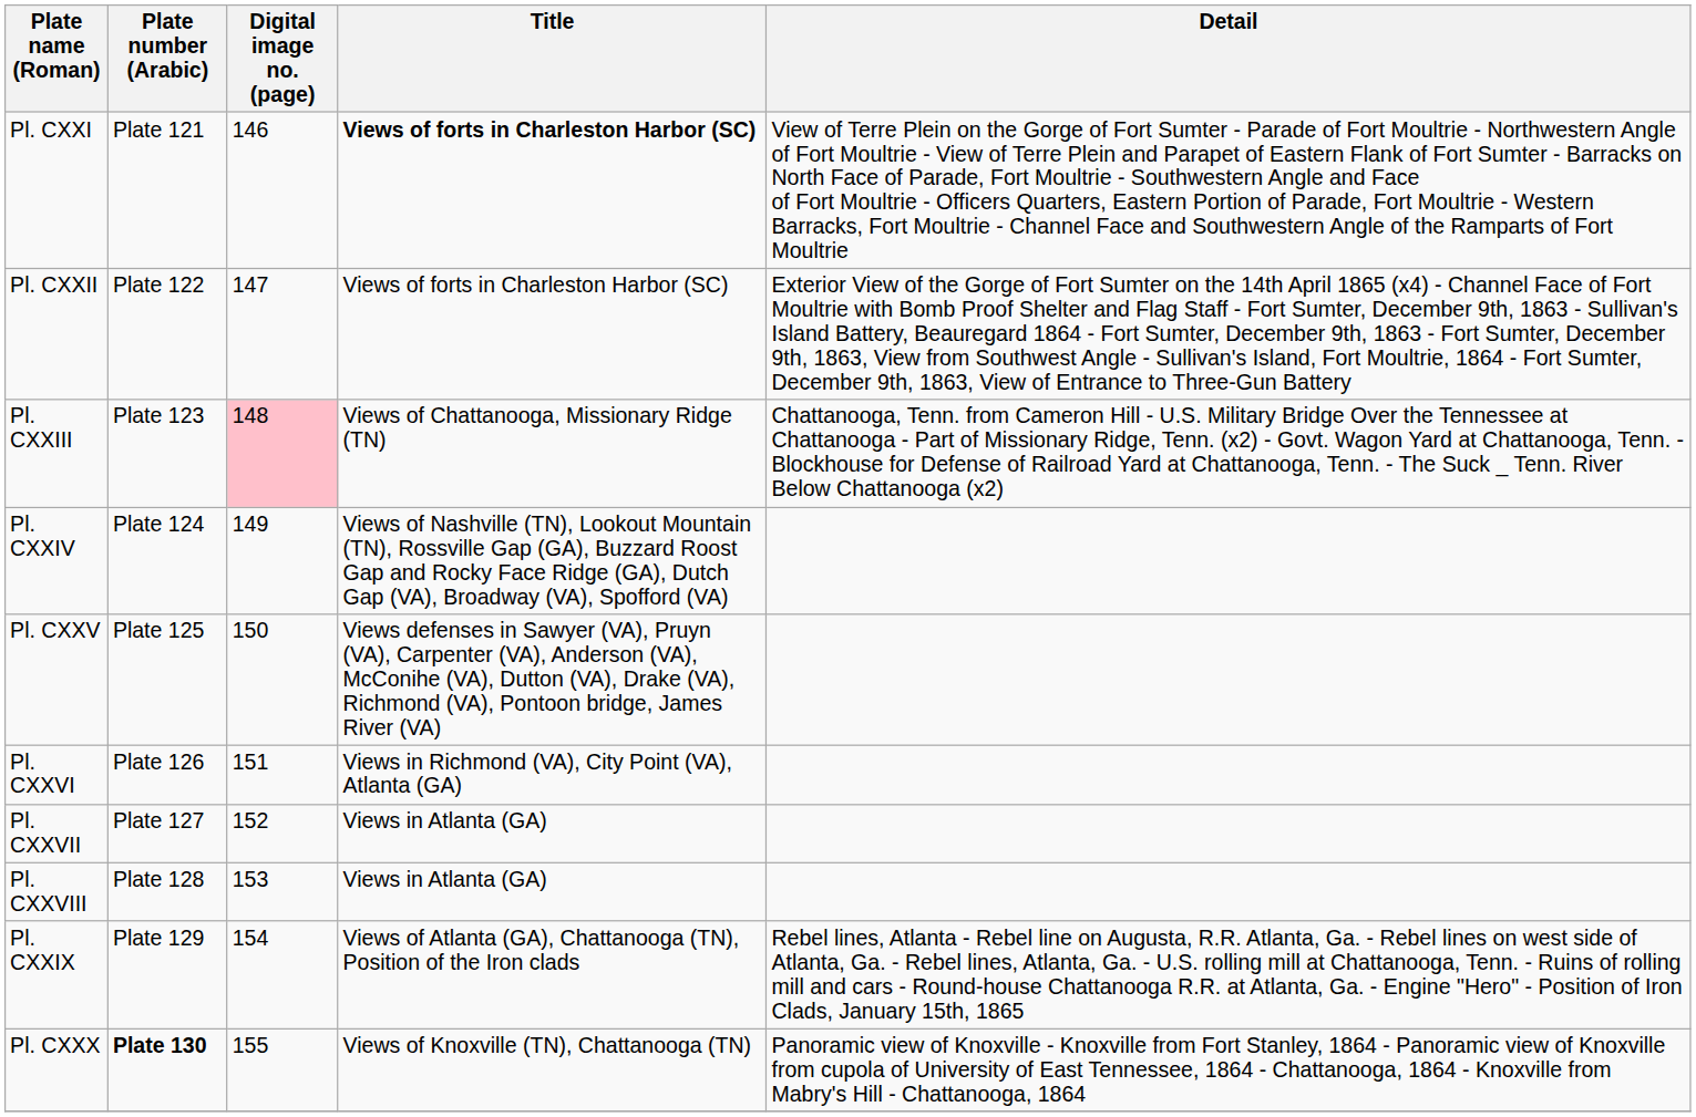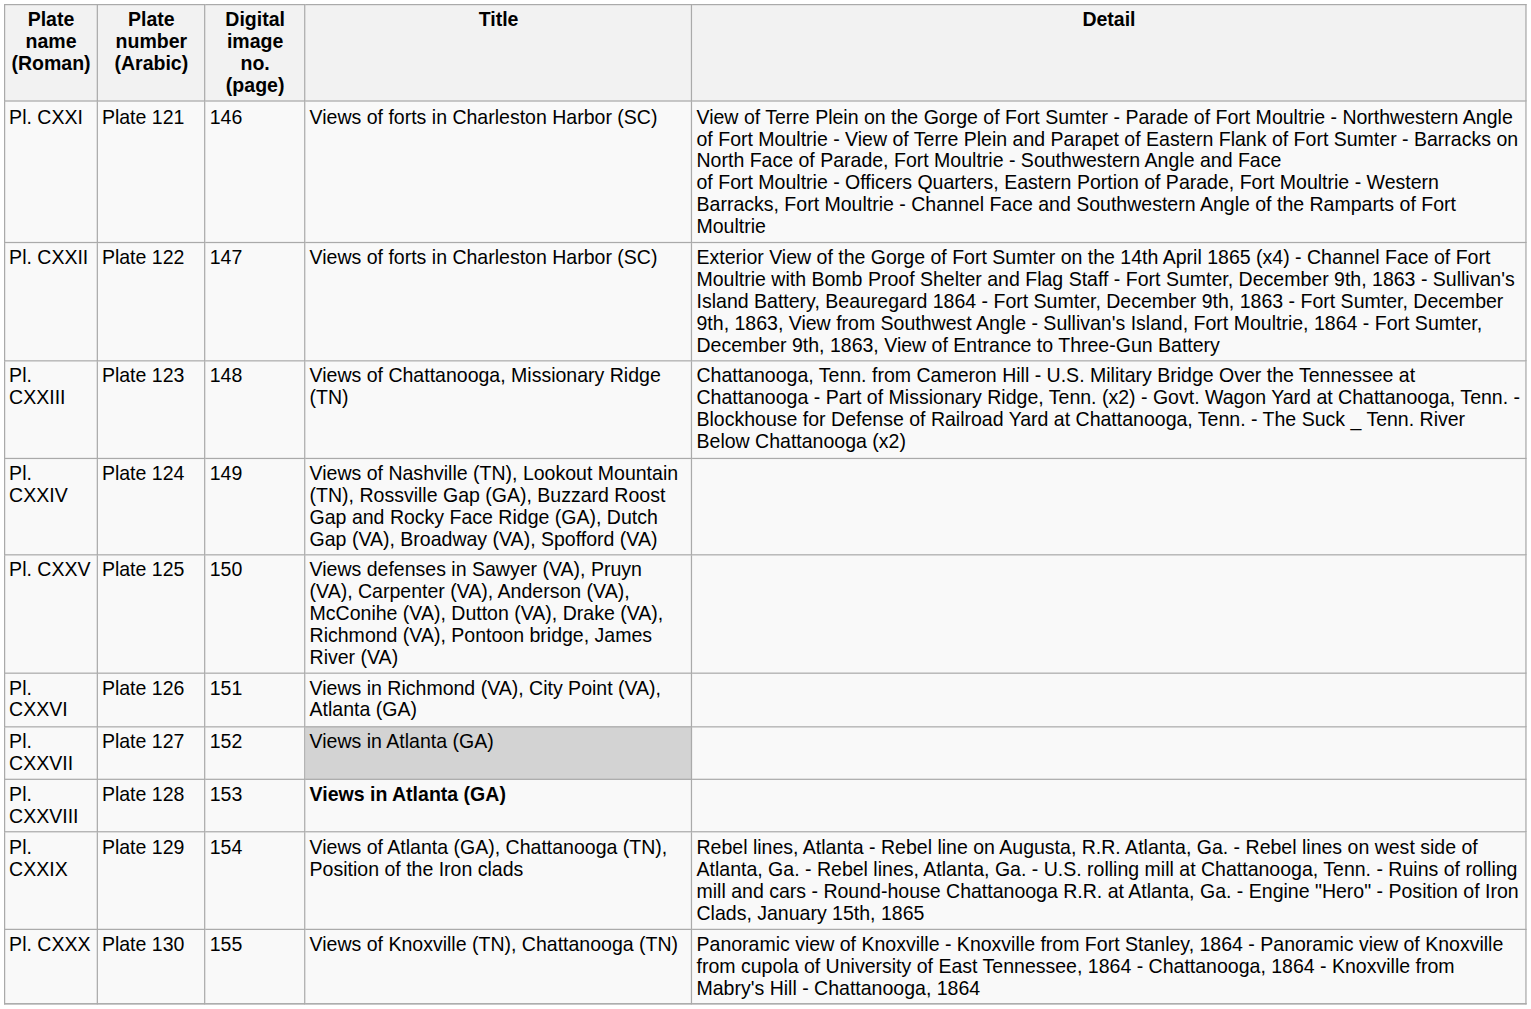 <table class="wikitable">
 <tr valign="top">
 <th>Plate name<br>(Roman)</th>
 <th>Plate number (Arabic)</th>
 <th>Digital image no. (page)</th>
 <th>Title</th>
 <th>Detail</th>
 </tr>
 <tr valign="top">
 <td>Pl. CXXI</td>
 <td>Plate 121</td>
 <td>146</td>
-<td><strong>Views of forts in Charleston Harbor (SC)</strong></td>
+<td>Views of forts in Charleston Harbor (SC)</td>
 <td>View of Terre Plein on the Gorge of Fort Sumter - Parade of Fort Moultrie - Northwestern Angle of Fort Moultrie - View of Terre Plein and Parapet of Eastern Flank of Fort Sumter - Barracks on North Face of Parade, Fort Moultrie - Southwestern Angle and Face<br>of Fort Moultrie - Officers Quarters, Eastern Portion of Parade, Fort Moultrie - Western Barracks, Fort Moultrie - Channel Face and Southwestern Angle of the Ramparts of Fort Moultrie</td>
 </tr>
 <tr valign="top">
 <td>Pl. CXXII</td>
 <td>Plate 122</td>
 <td>147</td>
 <td>Views of forts in Charleston Harbor (SC)</td>
 <td>Exterior View of the Gorge of Fort Sumter on the 14th April 1865 (x4) - Channel Face of Fort Moultrie with Bomb Proof Shelter and Flag Staff - Fort Sumter, December 9th, 1863 - Sullivan's Island Battery, Beauregard 1864 - Fort Sumter, December 9th, 1863 - Fort Sumter, December 9th, 1863, View from Southwest Angle - Sullivan's Island, Fort Moultrie, 1864 - Fort Sumter, December 9th, 1863, View of Entrance to Three-Gun Battery</td>
 </tr>
 <tr valign="top">
 <td>Pl. CXXIII</td>
 <td>Plate 123</td>
-<td style="background: pink;">148</td>
+<td>148</td>
 <td>Views of Chattanooga, Missionary Ridge (TN)</td>
 <td>Chattanooga, Tenn. from Cameron Hill - U.S. Military Bridge Over the Tennessee at Chattanooga - Part of Missionary Ridge, Tenn. (x2) - Govt. Wagon Yard at Chattanooga, Tenn. - Blockhouse for Defense of Railroad Yard at Chattanooga, Tenn. - The Suck _ Tenn. River Below Chattanooga (x2)</td>
 </tr>
 <tr valign="top">
 <td>Pl. CXXIV</td>
 <td>Plate 124</td>
 <td>149</td>
 <td>Views of Nashville (TN), Lookout Mountain (TN), Rossville Gap (GA), Buzzard Roost Gap and Rocky Face Ridge (GA), Dutch Gap (VA), Broadway (VA), Spofford (VA)</td>
 <td></td>
 </tr>
 <tr valign="top">
 <td>Pl. CXXV</td>
 <td>Plate 125</td>
 <td>150</td>
 <td>Views defenses in Sawyer (VA), Pruyn (VA), Carpenter (VA), Anderson (VA), McConihe (VA), Dutton (VA), Drake (VA), Richmond (VA), Pontoon bridge, James River (VA)</td>
 <td></td>
 </tr>
 <tr valign="top">
 <td>Pl. CXXVI</td>
 <td>Plate 126</td>
 <td>151</td>
 <td>Views in Richmond (VA), City Point (VA), Atlanta (GA)</td>
 <td></td>
 </tr>
 <tr valign="top">
 <td>Pl. CXXVII</td>
 <td>Plate 127</td>
 <td>152</td>
-<td>Views in Atlanta (GA)</td>
+<td style="background: lightgrey;">Views in Atlanta (GA)</td>
 <td></td>
 </tr>
 <tr valign="top">
 <td>Pl. CXXVIII</td>
 <td>Plate 128</td>
 <td>153</td>
-<td>Views in Atlanta (GA)</td>
+<td><strong>Views in Atlanta (GA)</strong></td>
 <td></td>
 </tr>
 <tr valign="top">
 <td>Pl. CXXIX</td>
 <td>Plate 129</td>
 <td>154</td>
 <td>Views of Atlanta (GA), Chattanooga (TN), Position of the Iron clads</td>
 <td>Rebel lines, Atlanta - Rebel line on Augusta, R.R. Atlanta, Ga. - Rebel lines on west side of Atlanta, Ga. - Rebel lines, Atlanta, Ga. - U.S. rolling mill at Chattanooga, Tenn. - Ruins of rolling mill and cars - Round-house Chattanooga R.R. at Atlanta, Ga. - Engine "Hero" - Position of Iron Clads, January 15th, 1865</td>
 </tr>
 <tr valign="top">
 <td>Pl. CXXX</td>
-<td><strong>Plate 130</strong></td>
+<td>Plate 130</td>
 <td>155</td>
 <td>Views of Knoxville (TN), Chattanooga (TN)</td>
 <td>Panoramic view of Knoxville - Knoxville from Fort Stanley, 1864 - Panoramic view of Knoxville from cupola of University of East Tennessee, 1864 - Chattanooga, 1864 - Knoxville from Mabry's Hill - Chattanooga, 1864</td>
 </tr>
 <tr>
 </tr>
 </table>
